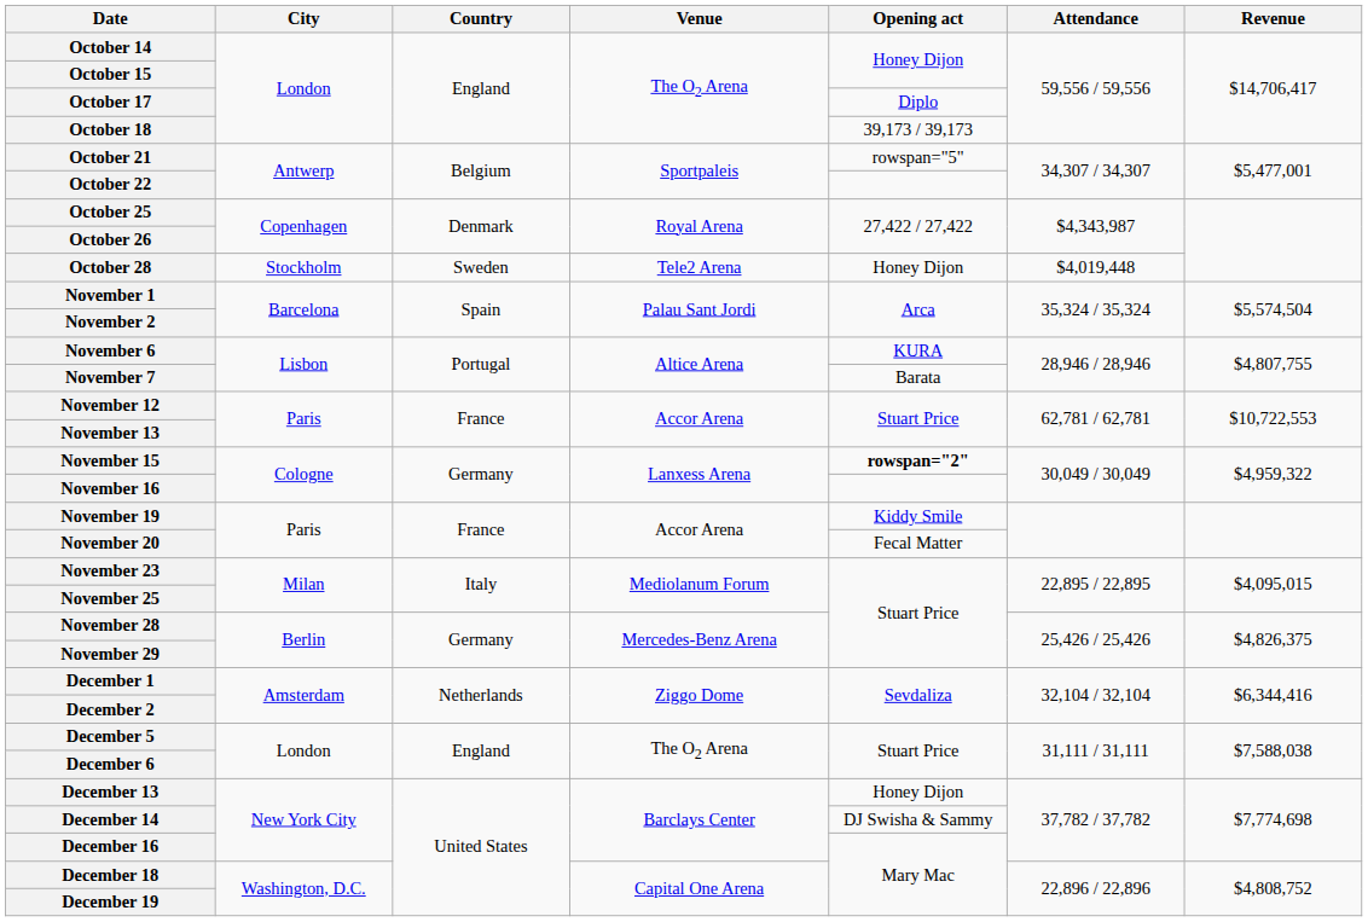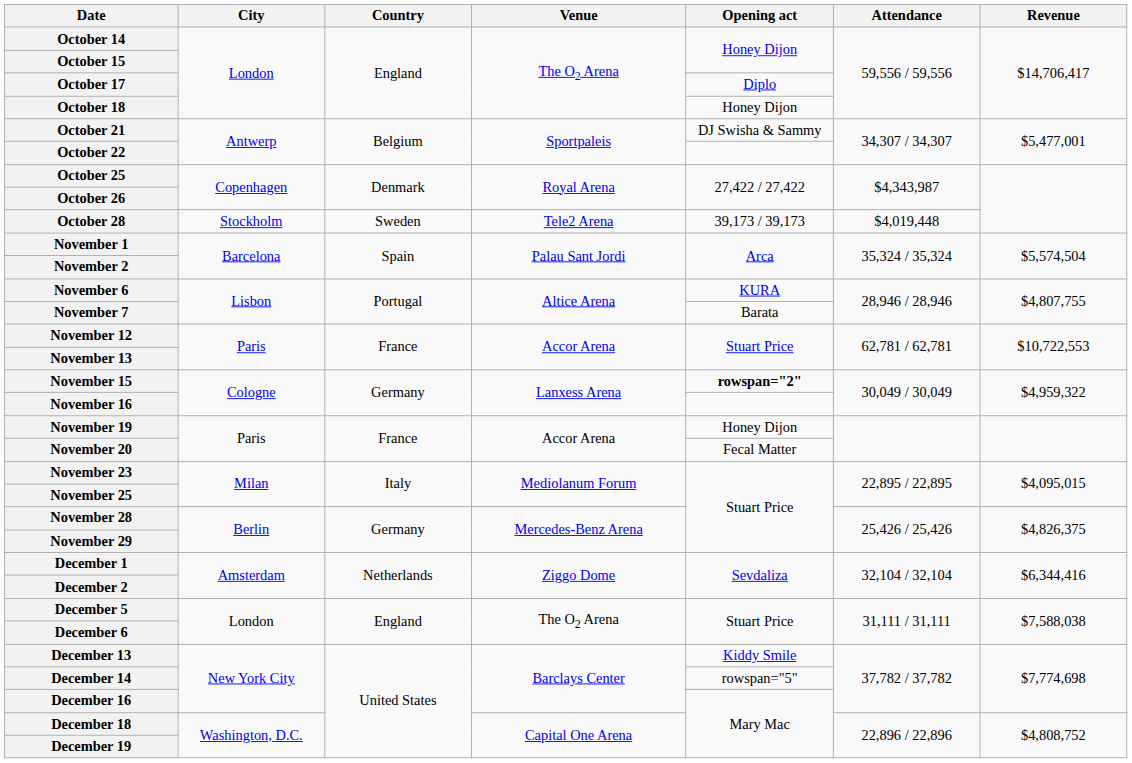 <table class="wikitable plainrowheaders" style="text-align:center;">
 <tr>
 <th scope="col" style="width:12em;">Date</th>
 <th scope="col" style="width:10em;">City</th>
 <th scope="col" style="width:10em;">Country</th>
 <th scope="col" style="width:15em;">Venue</th>
 <th scope="col" style="width:10em;">Opening act</th>
 <th scope="col" style="width:10em;">Attendance</th>
 <th scope="col" style="width:10em;">Revenue</th>
 </tr>
 <tr>
 <th scope="row" style="text-align:center;">October 14</th>
 <td rowspan="4"><a href='#'>London</a></td>
 <td rowspan="4">England</td>
 <td rowspan="4"><a href='#'>The O<sub>2</sub> Arena</a></td>
 <td rowspan="2"><a href='#'>Honey Dijon</a></td>
 <td rowspan="4">59,556 / 59,556</td>
 <td rowspan="4">$14,706,417</td>
 </tr>
 <tr>
 <th scope="row" style="text-align:center;">October 15</th>
 </tr>
 <tr>
 <th scope="row" style="text-align:center;">October 17</th>
 <td><a href='#'>Diplo</a></td>
 </tr>
 <tr>
 <th scope="row" style="text-align:center;">October 18</th>
-<td>39,173 / 39,173</td>
+<td>Honey Dijon</td>
 </tr>
 <tr>
 <th scope="row" style="text-align:center;">October 21</th>
 <td rowspan="2"><a href='#'>Antwerp</a></td>
 <td rowspan="2">Belgium</td>
 <td rowspan="2"><a href='#'>Sportpaleis</a></td>
-<td>rowspan="5" </td>
+<td>DJ Swisha & Sammy</td>
 <td rowspan="2">34,307 / 34,307</td>
 <td rowspan="2">$5,477,001</td>
 </tr>
 <tr>
 <th scope="row" style="text-align:center;">October 22</th>
 </tr>
 <tr>
 <th scope="row" style="text-align:center;">October 25</th>
 <td rowspan="2"><a href='#'>Copenhagen</a></td>
 <td rowspan="2">Denmark</td>
 <td rowspan="2"><a href='#'>Royal Arena</a></td>
 <td rowspan="2">27,422 / 27,422</td>
 <td rowspan="2">$4,343,987</td>
 </tr>
 <tr>
 <th scope="row" style="text-align:center;">October 26</th>
 </tr>
 <tr>
 <th scope="row" style="text-align:center;">October 28</th>
 <td><a href='#'>Stockholm</a></td>
 <td>Sweden</td>
 <td><a href='#'>Tele2 Arena</a></td>
-<td>Honey Dijon</td>
+<td>39,173 / 39,173</td>
 <td>$4,019,448</td>
 </tr>
 <tr>
 <th scope="row" style="text-align:center;">November 1</th>
 <td rowspan="2"><a href='#'>Barcelona</a></td>
 <td rowspan="2">Spain</td>
 <td rowspan="2"><a href='#'>Palau Sant Jordi</a></td>
 <td rowspan="2"><a href='#'>Arca</a></td>
 <td rowspan="2">35,324 / 35,324</td>
 <td rowspan="2">$5,574,504</td>
 </tr>
 <tr>
 <th scope="row" style="text-align:center;">November 2</th>
 </tr>
 <tr>
 <th scope="row" style="text-align:center;">November 6</th>
 <td rowspan="2"><a href='#'>Lisbon</a></td>
 <td rowspan="2">Portugal</td>
 <td rowspan="2"><a href='#'>Altice Arena</a></td>
 <td><a href='#'>KURA</a></td>
 <td rowspan="2">28,946 / 28,946</td>
 <td rowspan="2">$4,807,755</td>
 </tr>
 <tr>
 <th scope="row" style="text-align:center;">November 7</th>
 <td>Barata</td>
 </tr>
 <tr>
 <th scope="row" style="text-align:center;">November 12</th>
 <td rowspan="2"><a href='#'>Paris</a></td>
 <td rowspan="2">France</td>
 <td rowspan="2"><a href='#'>Accor Arena</a></td>
 <td rowspan="2"><a href='#'>Stuart Price</a></td>
 <td rowspan="2">62,781 / 62,781</td>
 <td rowspan="2">$10,722,553</td>
 </tr>
 <tr>
 <th scope="row" style="text-align:center;">November 13</th>
 </tr>
 <tr>
 <th scope="row" style="text-align:center;">November 15</th>
 <td rowspan="2"><a href='#'>Cologne</a></td>
 <td rowspan="2">Germany</td>
 <td rowspan="2"><a href='#'>Lanxess Arena</a></td>
 <td><strong>rowspan="2" </strong></td>
 <td rowspan="2">30,049 / 30,049</td>
 <td rowspan="2">$4,959,322</td>
 </tr>
 <tr>
 <th scope="row" style="text-align:center;">November 16</th>
 </tr>
 <tr>
 <th scope="row" style="text-align:center;">November 19</th>
 <td rowspan="2">Paris</td>
 <td rowspan="2">France</td>
 <td rowspan="2">Accor Arena</td>
-<td><a href='#'>Kiddy Smile</a></td>
+<td>Honey Dijon</td>
 <td rowspan="2"></td>
 <td rowspan="2"></td>
 </tr>
 <tr>
 <th scope="row" style="text-align:center;">November 20</th>
 <td>Fecal Matter</td>
 </tr>
 <tr>
 <th scope="row" style="text-align:center;">November 23</th>
 <td rowspan="2"><a href='#'>Milan</a></td>
 <td rowspan="2">Italy</td>
 <td rowspan="2"><a href='#'>Mediolanum Forum</a></td>
 <td rowspan="4">Stuart Price</td>
 <td rowspan="2">22,895 / 22,895</td>
 <td rowspan="2">$4,095,015</td>
 </tr>
 <tr>
 <th scope="row" style="text-align:center;">November 25</th>
 </tr>
 <tr>
 <th scope="row" style="text-align:center;">November 28</th>
 <td rowspan="2"><a href='#'>Berlin</a></td>
 <td rowspan="2">Germany</td>
 <td rowspan="2"><a href='#'>Mercedes-Benz Arena</a></td>
 <td rowspan="2">25,426 / 25,426</td>
 <td rowspan="2">$4,826,375</td>
 </tr>
 <tr>
 <th scope="row" style="text-align:center;">November 29</th>
 </tr>
 <tr>
 <th scope="row" style="text-align:center;">December 1</th>
 <td rowspan="2"><a href='#'>Amsterdam</a></td>
 <td rowspan="2">Netherlands</td>
 <td rowspan="2"><a href='#'>Ziggo Dome</a></td>
 <td rowspan="2"><a href='#'>Sevdaliza</a></td>
 <td rowspan="2">32,104 / 32,104</td>
 <td rowspan="2">$6,344,416</td>
 </tr>
 <tr>
 <th scope="row" style="text-align:center;">December 2</th>
 </tr>
 <tr>
 <th scope="row" style="text-align:center;">December 5</th>
 <td rowspan="2">London</td>
 <td rowspan="2">England</td>
 <td rowspan="2">The O<sub>2</sub> Arena</td>
 <td rowspan="2">Stuart Price</td>
 <td rowspan="2">31,111 / 31,111</td>
 <td rowspan="2">$7,588,038</td>
 </tr>
 <tr>
 <th scope="row" style="text-align:center;">December 6</th>
 </tr>
 <tr>
 <th scope="row" style="text-align:center;">December 13</th>
 <td rowspan="3"><a href='#'>New York City</a></td>
 <td rowspan="5">United States</td>
 <td rowspan="3"><a href='#'>Barclays Center</a></td>
-<td>Honey Dijon</td>
+<td><a href='#'>Kiddy Smile</a></td>
 <td rowspan="3">37,782 / 37,782</td>
 <td rowspan="3">$7,774,698</td>
 </tr>
 <tr>
 <th scope="row" style="text-align:center;">December 14</th>
-<td>DJ Swisha & Sammy</td>
+<td>rowspan="5" </td>
 </tr>
 <tr>
 <th scope="row" style="text-align:center;">December 16</th>
 <td rowspan="3">Mary Mac</td>
 </tr>
 <tr>
 <th scope="row" style="text-align:center;">December 18</th>
 <td rowspan="2"><a href='#'>Washington, D.C.</a></td>
 <td rowspan="2"><a href='#'>Capital One Arena</a></td>
 <td rowspan="2">22,896 / 22,896</td>
 <td rowspan="2">$4,808,752</td>
 </tr>
 <tr>
 <th scope="row" style="text-align:center;">December 19</th>
 </tr>
 </table>
